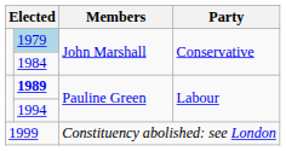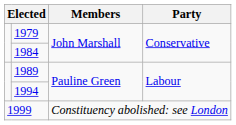 <table class="wikitable">
 <tr>
 <th colspan = "2">Elected</th>
 <th>Members</th>
 <th>Party</th>
 </tr>
 <tr>
 <td rowspan="2" style="background-color:  "></td>
-<td style="background: lightblue;"><a href='#'>1979</a></td>
+<td><a href='#'>1979</a></td>
 <td rowspan = "2"><a href='#'>John Marshall</a></td>
 <td rowspan = "2"><a href='#'>Conservative</a></td>
 </tr>
 <tr>
 <td><a href='#'>1984</a></td>
 </tr>
 <tr>
 <td rowspan="2" style="background-color: "></td>
-<td><strong><a href='#'>1989</a></strong></td>
+<td><a href='#'>1989</a></td>
 <td rowspan = "2"><a href='#'>Pauline Green</a></td>
 <td rowspan = "2"><a href='#'>Labour</a></td>
 </tr>
 <tr>
 <td><a href='#'>1994</a></td>
 </tr>
 <tr>
 <td colspan="2"><a href='#'>1999</a></td>
 <td colspan="2"><em>Constituency abolished: see <a href='#'>London</a></em></td>
 </tr>
 </table>
